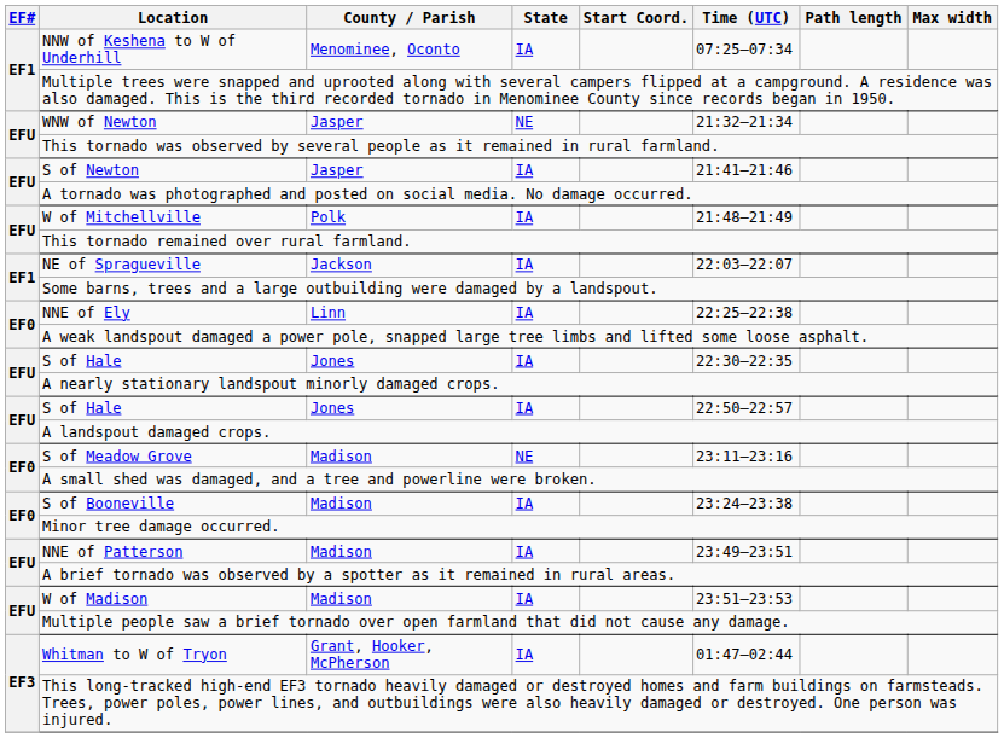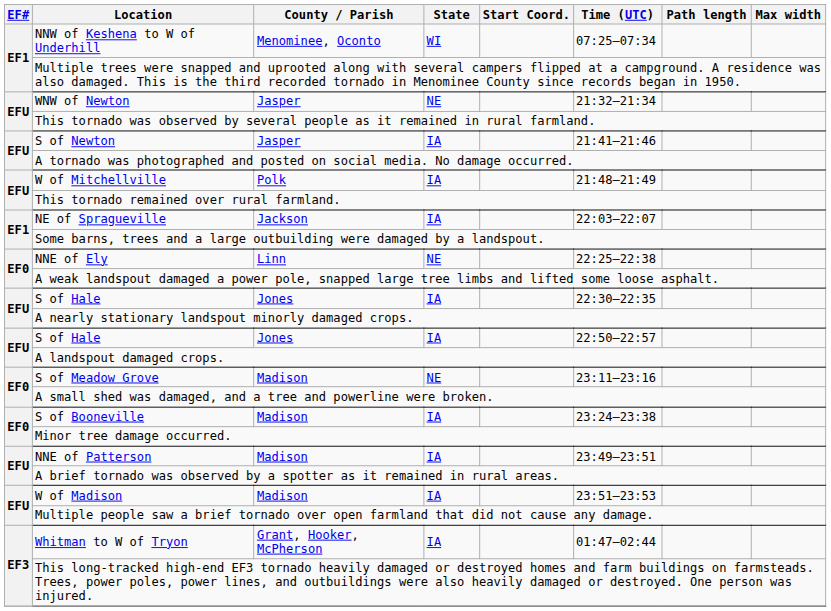 <table class="wikitable sortable" style="width:100%;">
 <tr>
 <th scope="col" width="2%" align="center"><a href='#'>EF#</a></th>
 <th scope="col" align="center" class="unsortable">Location</th>
 <th scope="col" align="center" class="unsortable">County / Parish</th>
 <th scope="col" align="center">State</th>
 <th scope="col" align="center">Start Coord.</th>
 <th scope="col" align="center">Time (<a href='#'>UTC</a>)</th>
 <th scope="col" align="center">Path length</th>
 <th scope="col" align="center">Max width</th>
 </tr>
 <tr>
 <th scope="row" rowspan="2" style="background-color:#">EF1</th>
 <td>NNW of <a href='#'>Keshena</a> to W of <a href='#'>Underhill</a></td>
 <td><a href='#'>Menominee</a>, <a href='#'>Oconto</a></td>
-<td><a href='#'>IA</a></td>
+<td><a href='#'>WI</a></td>
 <td></td>
 <td>07:25–07:34</td>
 <td></td>
 <td></td>
 </tr>
 <tr class="expand-child">
 <td colspan="8" style=" border-bottom: 1px solid black;">Multiple trees were snapped and uprooted along with several campers flipped at a campground. A residence was also damaged. This is the third recorded tornado in Menominee County since records began in 1950.</td>
 </tr>
 <tr>
 <th scope="row" rowspan="2" style="background-color:#">EFU</th>
 <td>WNW of <a href='#'>Newton</a></td>
 <td><a href='#'>Jasper</a></td>
 <td><a href='#'>NE</a></td>
 <td></td>
 <td>21:32–21:34</td>
 <td></td>
 <td></td>
 </tr>
 <tr class="expand-child">
 <td colspan="8" style=" border-bottom: 1px solid black;">This tornado was observed by several people as it remained in rural farmland.</td>
 </tr>
 <tr>
 <th scope="row" rowspan="2" style="background-color:#">EFU</th>
 <td>S of <a href='#'>Newton</a></td>
 <td><a href='#'>Jasper</a></td>
 <td><a href='#'>IA</a></td>
 <td></td>
 <td>21:41–21:46</td>
 <td></td>
 <td></td>
 </tr>
 <tr class="expand-child">
 <td colspan="8" style=" border-bottom: 1px solid black;">A tornado was photographed and posted on social media. No damage occurred.</td>
 </tr>
 <tr>
 <th scope="row" rowspan="2" style="background-color:#">EFU</th>
 <td>W of <a href='#'>Mitchellville</a></td>
 <td><a href='#'>Polk</a></td>
 <td><a href='#'>IA</a></td>
 <td></td>
 <td>21:48–21:49</td>
 <td></td>
 <td></td>
 </tr>
 <tr class="expand-child">
 <td colspan="8" style=" border-bottom: 1px solid black;">This tornado remained over rural farmland.</td>
 </tr>
 <tr>
 <th scope="row" rowspan="2" style="background-color:#">EF1</th>
 <td>NE of <a href='#'>Spragueville</a></td>
 <td><a href='#'>Jackson</a></td>
 <td><a href='#'>IA</a></td>
 <td></td>
 <td>22:03–22:07</td>
 <td></td>
 <td></td>
 </tr>
 <tr class="expand-child">
 <td colspan="8" style=" border-bottom: 1px solid black;">Some barns, trees and a large outbuilding were damaged by a landspout.</td>
 </tr>
 <tr>
 <th scope="row" rowspan="2" style="background-color:#">EF0</th>
 <td>NNE of <a href='#'>Ely</a></td>
 <td><a href='#'>Linn</a></td>
-<td><a href='#'>IA</a></td>
+<td><a href='#'>NE</a></td>
 <td></td>
 <td>22:25–22:38</td>
 <td></td>
 <td></td>
 </tr>
 <tr class="expand-child">
 <td colspan="8" style=" border-bottom: 1px solid black;">A weak landspout damaged a power pole, snapped large tree limbs and lifted some loose asphalt.</td>
 </tr>
 <tr>
 <th scope="row" rowspan="2" style="background-color:#">EFU</th>
 <td>S of <a href='#'>Hale</a></td>
 <td><a href='#'>Jones</a></td>
 <td><a href='#'>IA</a></td>
 <td></td>
 <td>22:30–22:35</td>
 <td></td>
 <td></td>
 </tr>
 <tr class="expand-child">
 <td colspan="8" style=" border-bottom: 1px solid black;">A nearly stationary landspout minorly damaged crops.</td>
 </tr>
 <tr>
 <th scope="row" rowspan="2" style="background-color:#">EFU</th>
 <td>S of <a href='#'>Hale</a></td>
 <td><a href='#'>Jones</a></td>
 <td><a href='#'>IA</a></td>
 <td></td>
 <td>22:50–22:57</td>
 <td></td>
 <td></td>
 </tr>
 <tr class="expand-child">
 <td colspan="8" style=" border-bottom: 1px solid black;">A landspout damaged crops.</td>
 </tr>
 <tr>
 <th scope="row" rowspan="2" style="background-color:#">EF0</th>
 <td>S of <a href='#'>Meadow Grove</a></td>
 <td><a href='#'>Madison</a></td>
 <td><a href='#'>NE</a></td>
 <td></td>
 <td>23:11–23:16</td>
 <td></td>
 <td></td>
 </tr>
 <tr class="expand-child">
 <td colspan="8" style=" border-bottom: 1px solid black;">A small shed was damaged, and a tree and powerline were broken.</td>
 </tr>
 <tr>
 <th scope="row" rowspan="2" style="background-color:#">EF0</th>
 <td>S of <a href='#'>Booneville</a></td>
 <td><a href='#'>Madison</a></td>
 <td><a href='#'>IA</a></td>
 <td></td>
 <td>23:24–23:38</td>
 <td></td>
 <td></td>
 </tr>
 <tr class="expand-child">
 <td colspan="8" style=" border-bottom: 1px solid black;">Minor tree damage occurred.</td>
 </tr>
 <tr>
 <th scope="row" rowspan="2" style="background-color:#">EFU</th>
 <td>NNE of <a href='#'>Patterson</a></td>
 <td><a href='#'>Madison</a></td>
 <td><a href='#'>IA</a></td>
 <td></td>
 <td>23:49–23:51</td>
 <td></td>
 <td></td>
 </tr>
 <tr class="expand-child">
 <td colspan="8" style=" border-bottom: 1px solid black;">A brief tornado was observed by a spotter as it remained in rural areas.</td>
 </tr>
 <tr>
 <th scope="row" rowspan="2" style="background-color:#">EFU</th>
 <td>W of <a href='#'>Madison</a></td>
 <td><a href='#'>Madison</a></td>
 <td><a href='#'>IA</a></td>
 <td></td>
 <td>23:51–23:53</td>
 <td></td>
 <td></td>
 </tr>
 <tr class="expand-child">
 <td colspan="8" style=" border-bottom: 1px solid black;">Multiple people saw a brief tornado over open farmland that did not cause any damage.</td>
 </tr>
 <tr>
 <th scope="row" rowspan="2" style="background-color:#">EF3</th>
 <td><a href='#'>Whitman</a> to W of <a href='#'>Tryon</a></td>
 <td><a href='#'>Grant</a>, <a href='#'>Hooker</a>, <a href='#'>McPherson</a></td>
 <td><a href='#'>IA</a></td>
 <td></td>
 <td>01:47–02:44</td>
 <td></td>
 <td></td>
 </tr>
 <tr class="expand-child">
 <td colspan="8" style=" border-bottom: 1px solid black;">This long-tracked high-end EF3 tornado heavily damaged or destroyed homes and farm buildings on farmsteads. Trees, power poles, power lines, and outbuildings were also heavily damaged or destroyed. One person was injured.</td>
 </tr>
 <tr>
 </tr>
 </table>
